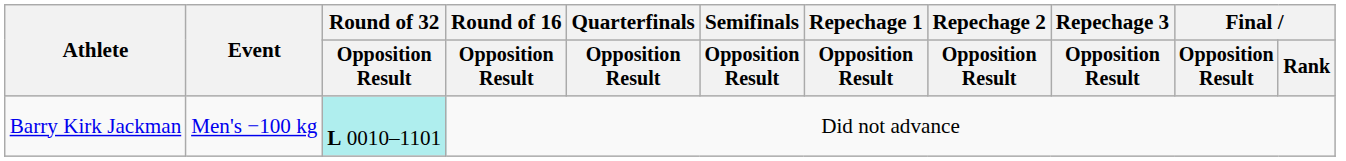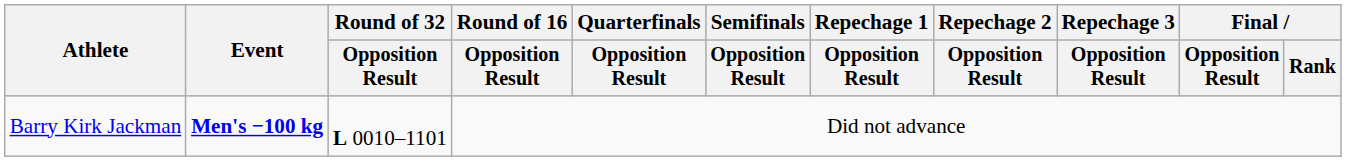 <table class="wikitable" style="font-size:90%">
 <tr>
 <th rowspan="2">Athlete</th>
 <th rowspan="2">Event</th>
 <th>Round of 32</th>
 <th>Round of 16</th>
 <th>Quarterfinals</th>
 <th>Semifinals</th>
 <th>Repechage 1</th>
 <th>Repechage 2</th>
 <th>Repechage 3</th>
 <th colspan=2>Final / </th>
 </tr>
 <tr style="font-size:95%">
 <th>Opposition<br>Result</th>
 <th>Opposition<br>Result</th>
 <th>Opposition<br>Result</th>
 <th>Opposition<br>Result</th>
 <th>Opposition<br>Result</th>
 <th>Opposition<br>Result</th>
 <th>Opposition<br>Result</th>
 <th>Opposition<br>Result</th>
 <th>Rank</th>
 </tr>
 <tr align=center>
 <td align=left><a href='#'>Barry Kirk Jackman</a></td>
-<td align=left><a href='#'>Men's −100 kg</a></td>
-<td style="background: paleturquoise;"><br><strong>L</strong> 0010–1101</td>
+<td align=left><strong><a href='#'>Men's −100 kg</a></strong></td>
+<td><br><strong>L</strong> 0010–1101</td>
 <td colspan=8>Did not advance</td>
 </tr>
 </table>
